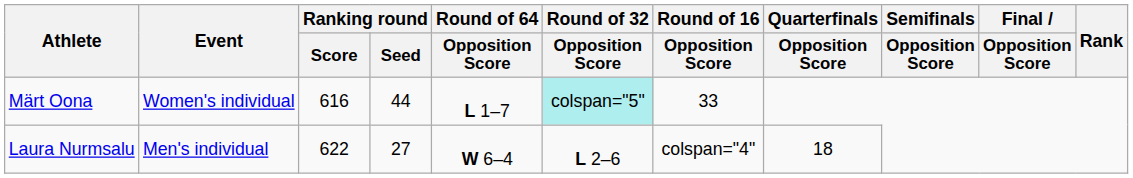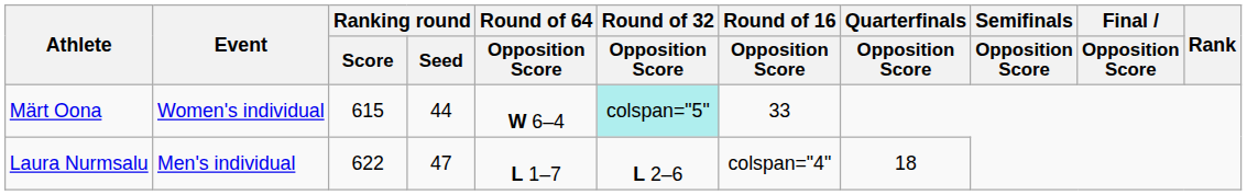 <table class="wikitable" style="text-align:center; font-size:90%">
 <tr>
 <th rowspan="2">Athlete</th>
 <th rowspan="2">Event</th>
 <th colspan="2">Ranking round</th>
 <th>Round of 64</th>
 <th>Round of 32</th>
 <th>Round of 16</th>
 <th>Quarterfinals</th>
 <th>Semifinals</th>
 <th>Final / </th>
 <th rowspan="2">Rank</th>
 </tr>
 <tr style="font-size:95%">
 <th>Score</th>
 <th>Seed</th>
 <th>Opposition<br>Score</th>
 <th>Opposition<br>Score</th>
 <th>Opposition<br>Score</th>
 <th>Opposition<br>Score</th>
 <th>Opposition<br>Score</th>
 <th>Opposition<br>Score</th>
 </tr>
 <tr>
 <td align="left"><a href='#'>Märt Oona</a></td>
 <td align="left"><a href='#'>Women's individual</a></td>
-<td>616</td>
+<td>615</td>
 <td>44</td>
-<td><br><strong>L</strong> 1–7</td>
+<td><br><strong>W</strong> 6–4</td>
 <td style="background: paleturquoise;">colspan="5" </td>
 <td>33</td>
 </tr>
 <tr>
 <td align="left"><a href='#'>Laura Nurmsalu</a></td>
 <td align="left"><a href='#'>Men's individual</a></td>
 <td>622</td>
-<td>27</td>
-<td><br><strong>W</strong> 6–4</td>
+<td>47</td>
+<td><br><strong>L</strong> 1–7</td>
 <td><br><strong>L</strong> 2–6</td>
 <td>colspan="4" </td>
 <td>18</td>
 </tr>
 </table>
